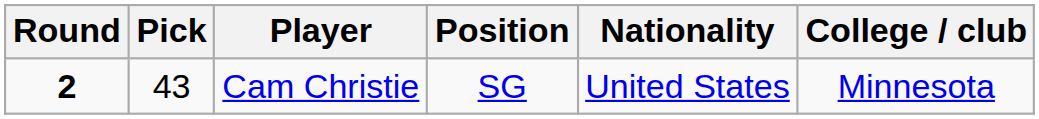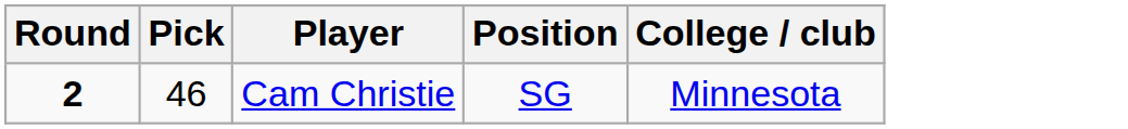 <table class="wikitable sortable sortable">
 <tr>
 <th scope="col">Round</th>
 <th scope="col">Pick</th>
 <th scope="col">Player</th>
 <th scope="col">Position</th>
-<th scope="col">Nationality</th>
 <th scope="col">College / club</th>
 </tr>
 <tr style="text-align: center">
 <td><strong>2</strong></td>
-<td>43</td>
+<td>46</td>
 <td><a href='#'>Cam Christie</a></td>
 <td><a href='#'>SG</a></td>
-<td> <a href='#'>United States</a></td>
 <td><a href='#'>Minnesota</a></td>
 </tr>
 </table>
